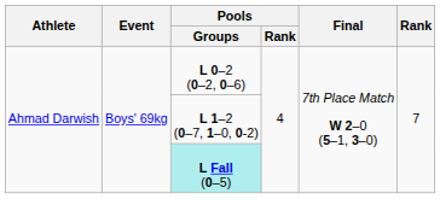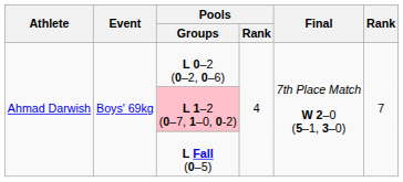 <table class="wikitable" style="text-align:left; font-size:90%">
 <tr>
 <th rowspan="2">Athlete</th>
 <th rowspan="2">Event</th>
 <th colspan="2">Pools</th>
 <th rowspan="2">Final</th>
 <th rowspan="2">Rank</th>
 </tr>
 <tr>
 <th>Groups</th>
 <th>Rank</th>
 </tr>
 <tr>
 <td rowspan="3"><a href='#'>Ahmad Darwish</a></td>
 <td rowspan="3"><a href='#'>Boys' 69kg</a></td>
 <td align=center><br><strong>L</strong> <strong>0</strong>–2<br>(<strong>0</strong>–2, <strong>0</strong>–6)</td>
 <td rowspan="3" align=center>4</td>
 <td align=center rowspan=3><em>7th Place Match</em><br><br><strong>W</strong> <strong>2</strong>–0<br>(<strong>5</strong>–1, <strong>3</strong>–0)</td>
 <td rowspan="3" align="center">7</td>
 </tr>
 <tr>
-<td align=center><br><strong>L</strong> <strong>1</strong>–2<br>(<strong>0</strong>–7, <strong>1</strong>–0, <strong>0</strong>-2)</td>
+<td align=center style="background: pink;"><br><strong>L</strong> <strong>1</strong>–2<br>(<strong>0</strong>–7, <strong>1</strong>–0, <strong>0</strong>-2)</td>
 </tr>
 <tr>
-<td align=center style="background: paleturquoise;"><br><strong>L</strong> <strong><a href='#'>Fall</a></strong><br>(<strong>0</strong>–5)</td>
+<td align=center><br><strong>L</strong> <strong><a href='#'>Fall</a></strong><br>(<strong>0</strong>–5)</td>
 </tr>
 </table>
